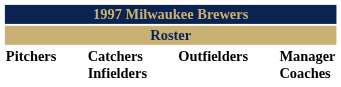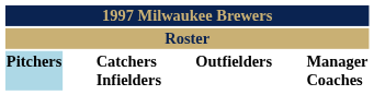 <table class="toccolours" style="font-size: 95%;">
 <tr>
 <th colspan="10" style="background-color: #0a2351; color:#c9b074;  text-align: center;">1997 Milwaukee Brewers</th>
 </tr>
 <tr>
 <td colspan="10" style="background-color: #c9b074; color: #0a2351; text-align: center;"><strong>Roster</strong></td>
 </tr>
 <tr>
-<td valign="top"><strong>Pitchers</strong><br>                    </td>
+<td valign="top" style="background: lightblue;"><strong>Pitchers</strong><br>                    </td>
 <td width="25px"></td>
 <td valign="top"><strong>Catchers</strong><br>   <strong>Infielders</strong>            </td>
 <td width="25px"></td>
 <td valign="top"><strong>Outfielders</strong><br>       </td>
 <td width="25px"></td>
 <td valign="top"><strong>Manager</strong><br> <strong>Coaches</strong>     </td>
 </tr>
 <tr>
 </tr>
 </table>
